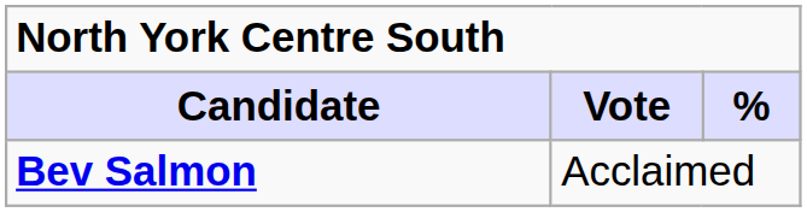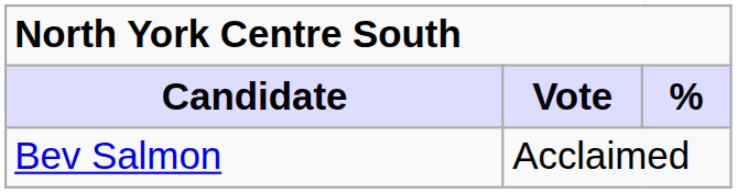 <table class="wikitable plainrowheaders">
 <tr>
 <td colspan="3"><strong>North York Centre South</strong></td>
 </tr>
 <tr>
 <th style="background:#ddf; width:200px;">Candidate</th>
 <th style="background:#ddf; width:50px;">Vote</th>
 <th style="background:#ddf; width:30px;">%</th>
 </tr>
 <tr>
-<td><strong><a href='#'>Bev Salmon</a></strong></td>
+<td><a href='#'>Bev Salmon</a></td>
 <td colspan="2">Acclaimed</td>
 </tr>
 </table>
